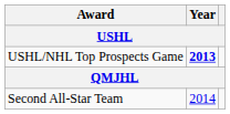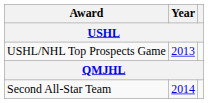 <table class="wikitable">
 <tr>
 <th>Award</th>
 <th>Year</th>
 <th></th>
 </tr>
 <tr ALIGN="center" bgcolor="#e0e0e0">
 <th colspan="3"><a href='#'>USHL</a></th>
 </tr>
 <tr>
 <td>USHL/NHL Top Prospects Game</td>
-<td><strong><a href='#'>2013</a></strong></td>
+<td><a href='#'>2013</a></td>
 <td></td>
 </tr>
 <tr ALIGN="center" bgcolor="#e0e0e0">
 <th colspan="3"><a href='#'>QMJHL</a></th>
 </tr>
 <tr>
 <td>Second All-Star Team</td>
 <td><a href='#'>2014</a></td>
 <td></td>
 </tr>
 </table>
